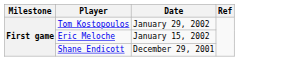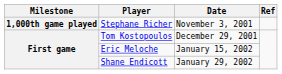 <table class="wikitable">
 <tr>
 <th scope="col">Milestone</th>
 <th scope="col">Player</th>
 <th scope="col">Date</th>
 <th scope="col">Ref</th>
 </tr>
 <tr>
+<th>1,000th game played</th>
+<td><a href='#'>Stephane Richer</a></td>
+<td>November 3, 2001</td>
+<td></td>
+</tr>
+<tr>
 <th rowspan=3>First game</th>
 <td><a href='#'>Tom Kostopoulos</a></td>
-<td>January 29, 2002</td>
+<td>December 29, 2001</td>
 <td rowspan=3></td>
 </tr>
 <tr>
 <td><a href='#'>Eric Meloche</a></td>
 <td>January 15, 2002</td>
 </tr>
 <tr>
 <td><a href='#'>Shane Endicott</a></td>
-<td>December 29, 2001</td>
+<td>January 29, 2002</td>
 </tr>
 </table>
